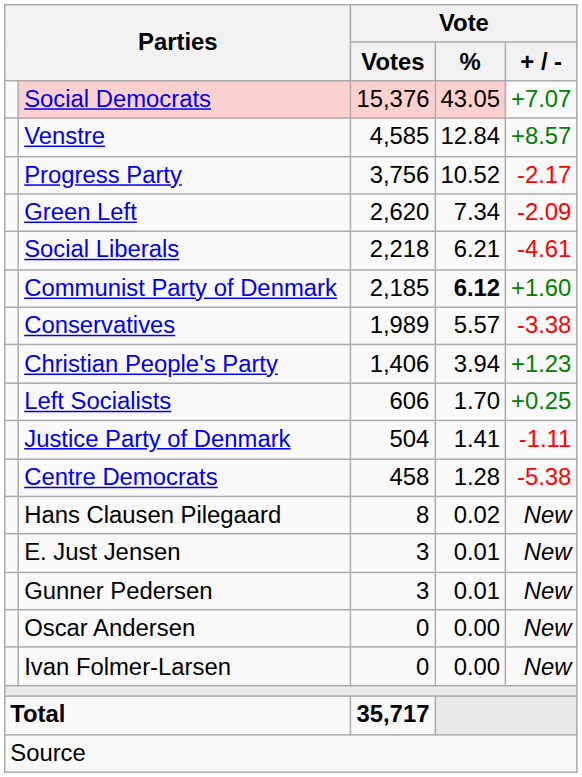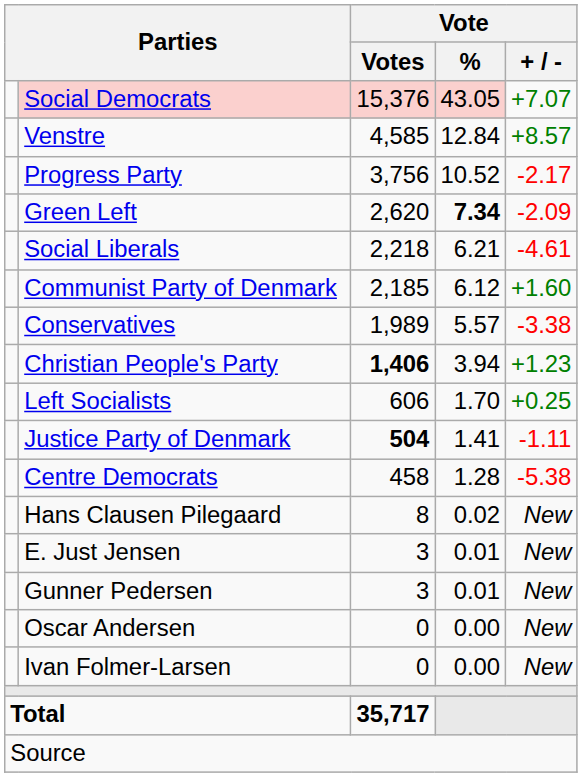 <table class="wikitable" style="text-align:right;">
 <tr>
 <th style="text-align:centre;" rowspan="2" colspan="2" width="225">Parties</th>
 <th colspan="3">Vote</th>
 </tr>
 <tr>
 <th width="15">Votes</th>
 <th width="15">%</th>
 <th width="15">+ / -</th>
 </tr>
 <tr>
 <td width="2" style="color:inherit;background:"></td>
 <td bgcolor=#fbd0ce  align="left"><a href='#'>Social Democrats</a></td>
 <td bgcolor=#fbd0ce>15,376</td>
 <td bgcolor=#fbd0ce>43.05</td>
 <td style=color:green;>+7.07</td>
 </tr>
 <tr>
 <td width="2" style="color:inherit;background:"></td>
 <td align="left"><a href='#'>Venstre</a></td>
 <td>4,585</td>
 <td>12.84</td>
 <td style=color:green;>+8.57</td>
 </tr>
 <tr>
 <td width="2" style="color:inherit;background:"></td>
 <td align="left"><a href='#'>Progress Party</a></td>
 <td>3,756</td>
 <td>10.52</td>
 <td style=color:red;>-2.17</td>
 </tr>
 <tr>
 <td width="2" style="color:inherit;background:"></td>
 <td align="left"><a href='#'>Green Left</a></td>
 <td>2,620</td>
-<td>7.34</td>
+<td><strong>7.34</strong></td>
 <td style=color:red;>-2.09</td>
 </tr>
 <tr>
 <td width="2" style="color:inherit;background:"></td>
 <td align="left"><a href='#'>Social Liberals</a></td>
 <td>2,218</td>
 <td>6.21</td>
 <td style=color:red;>-4.61</td>
 </tr>
 <tr>
 <td width="2" style="color:inherit;background:"></td>
 <td align="left"><a href='#'>Communist Party of Denmark</a></td>
 <td>2,185</td>
-<td><strong>6.12</strong></td>
+<td>6.12</td>
 <td style=color:green;>+1.60</td>
 </tr>
 <tr>
 <td width="2" style="color:inherit;background:"></td>
 <td align="left"><a href='#'>Conservatives</a></td>
 <td>1,989</td>
 <td>5.57</td>
 <td style=color:red;>-3.38</td>
 </tr>
 <tr>
 <td width="2" style="color:inherit;background:"></td>
 <td align="left"><a href='#'>Christian People's Party</a></td>
-<td>1,406</td>
+<td><strong>1,406</strong></td>
 <td>3.94</td>
 <td style=color:green;>+1.23</td>
 </tr>
 <tr>
 <td width="2" style="color:inherit;background:"></td>
 <td align="left"><a href='#'>Left Socialists</a></td>
 <td>606</td>
 <td>1.70</td>
 <td style=color:green;>+0.25</td>
 </tr>
 <tr>
 <td width="2" style="color:inherit;background:"></td>
 <td align="left"><a href='#'>Justice Party of Denmark</a></td>
-<td>504</td>
+<td><strong>504</strong></td>
 <td>1.41</td>
 <td style=color:red;>-1.11</td>
 </tr>
 <tr>
 <td width="2" style="color:inherit;background:"></td>
 <td align="left"><a href='#'>Centre Democrats</a></td>
 <td>458</td>
 <td>1.28</td>
 <td style=color:red;>-5.38</td>
 </tr>
 <tr>
 <td width="2" style="color:inherit;background:"></td>
 <td align="left">Hans Clausen Pilegaard</td>
 <td>8</td>
 <td>0.02</td>
 <td><em>New</em></td>
 </tr>
 <tr>
 <td width="2" style="color:inherit;background:"></td>
 <td align="left">E. Just Jensen</td>
 <td>3</td>
 <td>0.01</td>
 <td><em>New</em></td>
 </tr>
 <tr>
 <td width="2" style="color:inherit;background:"></td>
 <td align="left">Gunner Pedersen</td>
 <td>3</td>
 <td>0.01</td>
 <td><em>New</em></td>
 </tr>
 <tr>
 <td width="2" style="color:inherit;background:"></td>
 <td align="left">Oscar Andersen</td>
 <td>0</td>
 <td>0.00</td>
 <td><em>New</em></td>
 </tr>
 <tr>
 <td width="2" style="color:inherit;background:"></td>
 <td align="left">Ivan Folmer-Larsen</td>
 <td>0</td>
 <td>0.00</td>
 <td><em>New</em></td>
 </tr>
 <tr>
 <td colspan="7" bgcolor="#E9E9E9"></td>
 </tr>
 <tr>
 <td align="left" colspan="2"><strong>Total</strong></td>
 <td><strong>35,717</strong></td>
 <td bgcolor="#E9E9E9" colspan="2"></td>
 </tr>
 <tr>
 <td align="left" colspan="6">Source</td>
 </tr>
 </table>
